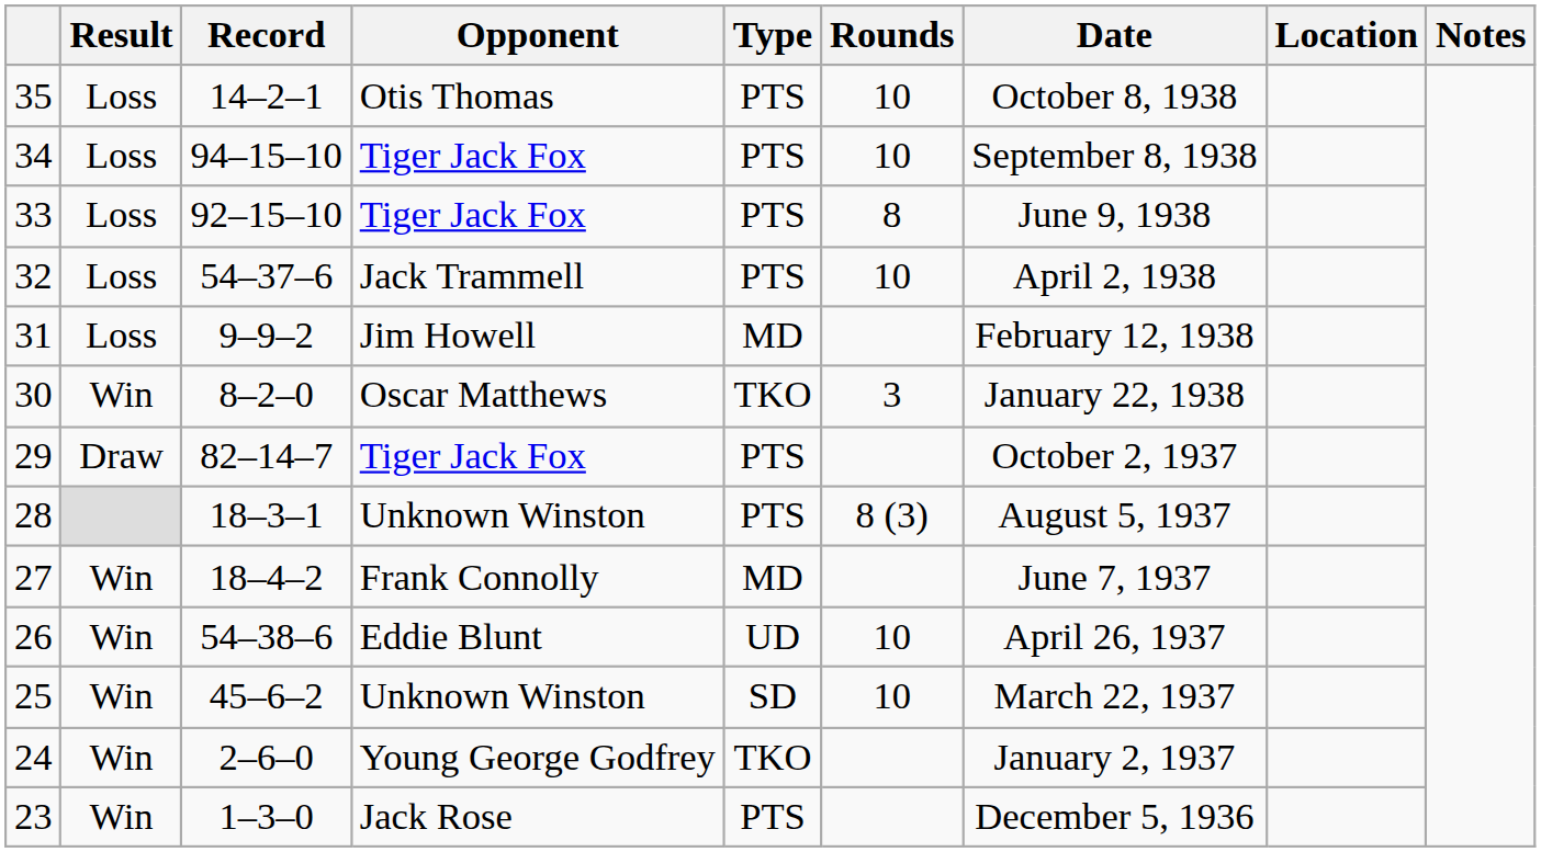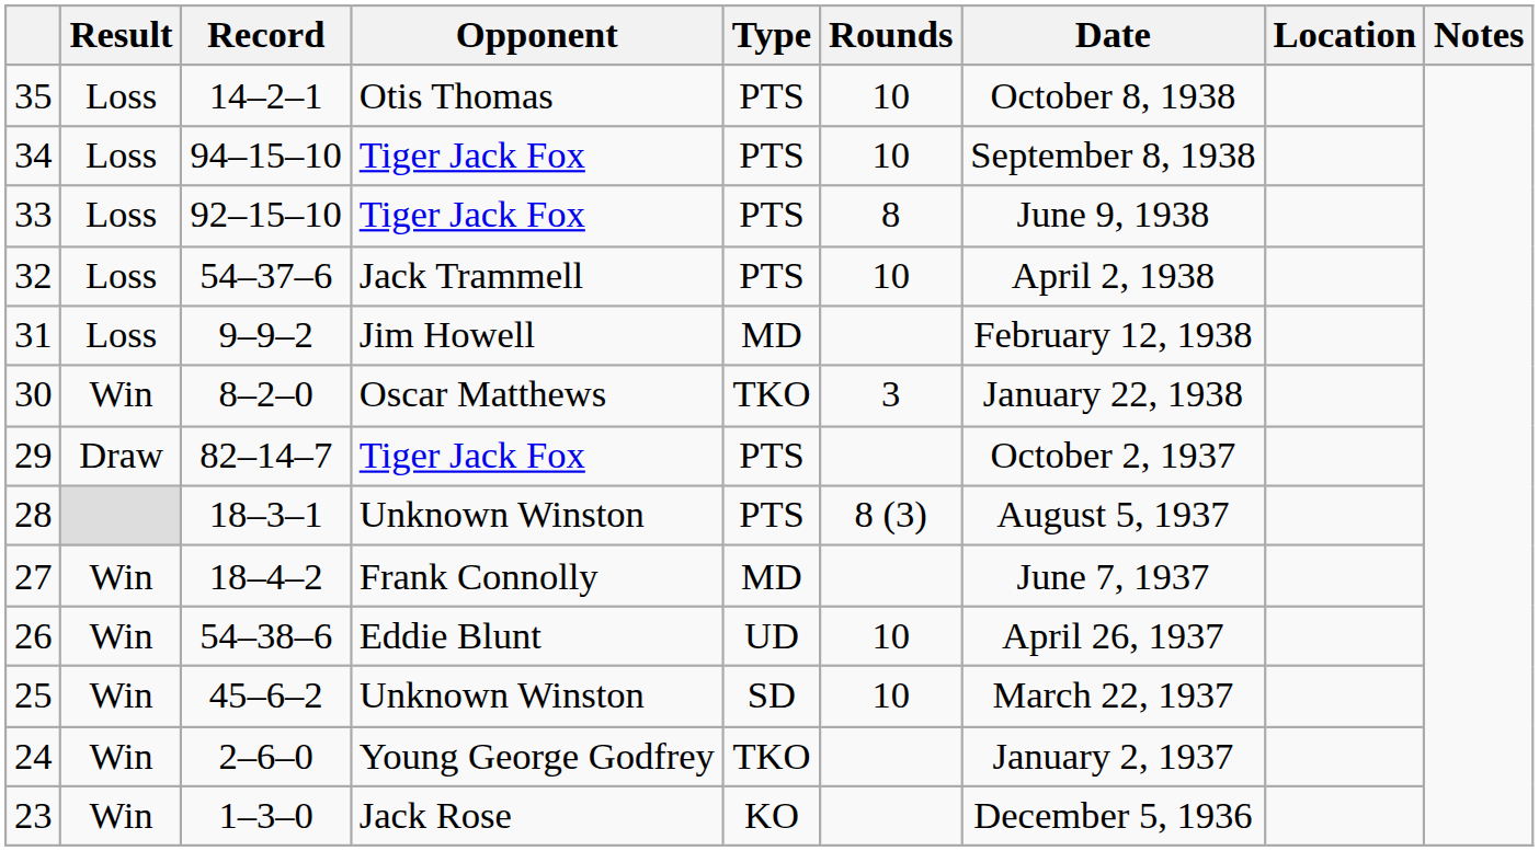 <table class="wikitable" style="text-align:center">
 <tr>
 <th></th>
 <th>Result</th>
 <th>Record</th>
 <th>Opponent</th>
 <th>Type</th>
 <th>Rounds</th>
 <th>Date</th>
 <th>Location</th>
 <th>Notes</th>
 </tr>
 <tr>
 <td>35</td>
 <td>Loss</td>
 <td>14–2–1</td>
 <td style="text-align:left;">Otis Thomas</td>
 <td>PTS</td>
 <td>10</td>
 <td>October 8, 1938</td>
 <td style="text-align:left;"></td>
 </tr>
 <tr>
 <td>34</td>
 <td>Loss</td>
 <td>94–15–10</td>
 <td style="text-align:left;"><a href='#'>Tiger Jack Fox</a></td>
 <td>PTS</td>
 <td>10</td>
 <td>September 8, 1938</td>
 <td style="text-align:left;"></td>
 </tr>
 <tr>
 <td>33</td>
 <td>Loss</td>
 <td>92–15–10</td>
 <td style="text-align:left;"><a href='#'>Tiger Jack Fox</a></td>
 <td>PTS</td>
 <td>8</td>
 <td>June 9, 1938</td>
 <td style="text-align:left;"></td>
 </tr>
 <tr>
 <td>32</td>
 <td>Loss</td>
 <td>54–37–6</td>
 <td style="text-align:left;">Jack Trammell</td>
 <td>PTS</td>
 <td>10</td>
 <td>April 2, 1938</td>
 <td style="text-align:left;"></td>
 </tr>
 <tr>
 <td>31</td>
 <td>Loss</td>
 <td>9–9–2</td>
 <td style="text-align:left;">Jim Howell</td>
 <td>MD</td>
 <td></td>
 <td>February 12, 1938</td>
 <td style="text-align:left;"></td>
 </tr>
 <tr>
 <td>30</td>
 <td>Win</td>
 <td>8–2–0</td>
 <td style="text-align:left;">Oscar Matthews</td>
 <td>TKO</td>
 <td>3</td>
 <td>January 22, 1938</td>
 <td style="text-align:left;"></td>
 </tr>
 <tr>
 <td>29</td>
 <td>Draw</td>
 <td>82–14–7</td>
 <td style="text-align:left;"><a href='#'>Tiger Jack Fox</a></td>
 <td>PTS</td>
 <td></td>
 <td>October 2, 1937</td>
 <td style="text-align:left;"></td>
 </tr>
 <tr>
 <td>28</td>
 <td style="background:#DDD"></td>
 <td>18–3–1</td>
 <td style="text-align:left;">Unknown Winston</td>
 <td>PTS</td>
 <td>8 (3)</td>
 <td>August 5, 1937</td>
 <td style="text-align:left;"></td>
 </tr>
 <tr>
 <td>27</td>
 <td>Win</td>
 <td>18–4–2</td>
 <td style="text-align:left;">Frank Connolly</td>
 <td>MD</td>
 <td></td>
 <td>June 7, 1937</td>
 <td style="text-align:left;"></td>
 </tr>
 <tr>
 <td>26</td>
 <td>Win</td>
 <td>54–38–6</td>
 <td style="text-align:left;">Eddie Blunt</td>
 <td>UD</td>
 <td>10</td>
 <td>April 26, 1937</td>
 <td style="text-align:left;"></td>
 </tr>
 <tr>
 <td>25</td>
 <td>Win</td>
 <td>45–6–2</td>
 <td style="text-align:left;">Unknown Winston</td>
 <td>SD</td>
 <td>10</td>
 <td>March 22, 1937</td>
 <td style="text-align:left;"></td>
 </tr>
 <tr>
 <td>24</td>
 <td>Win</td>
 <td>2–6–0</td>
 <td style="text-align:left;">Young George Godfrey</td>
 <td>TKO</td>
 <td></td>
 <td>January 2, 1937</td>
 <td style="text-align:left;"></td>
 </tr>
 <tr>
 <td>23</td>
 <td>Win</td>
 <td>1–3–0</td>
 <td style="text-align:left;">Jack Rose</td>
-<td>PTS</td>
+<td>KO</td>
 <td></td>
 <td>December 5, 1936</td>
 <td style="text-align:left;"></td>
 </tr>
 </table>
